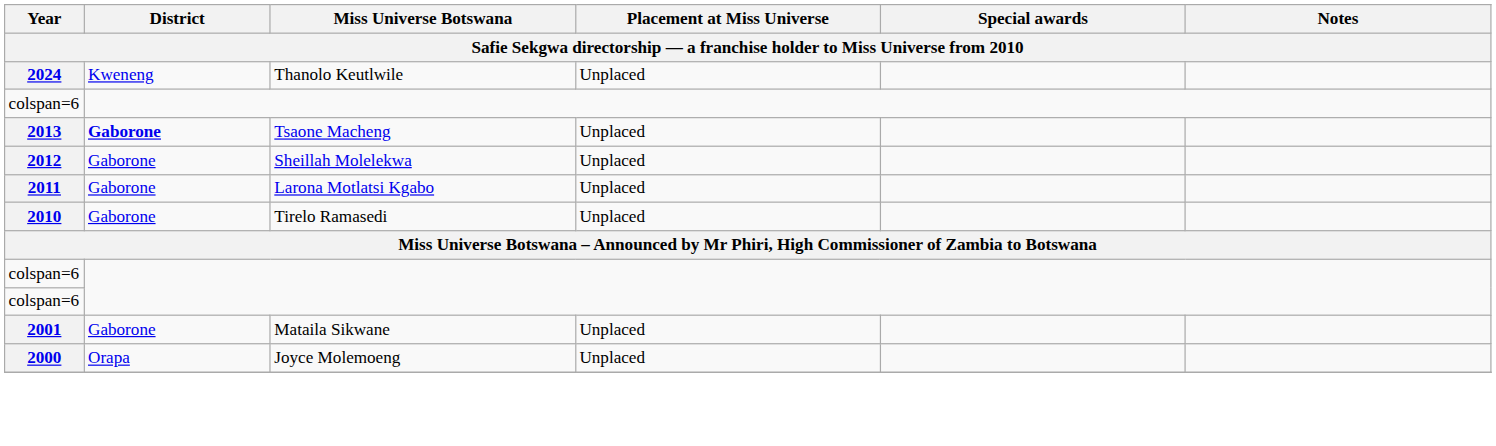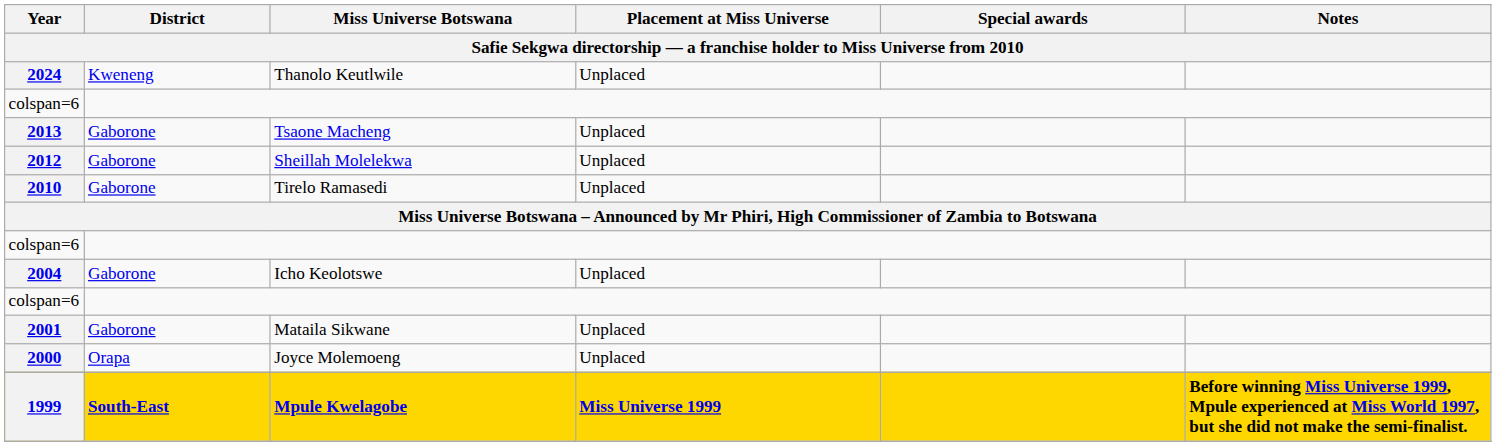 <table class="wikitable " style="font-size: 90%;">
 <tr>
 <th width="60">Year</th>
 <th width="150">District</th>
 <th width="250">Miss Universe Botswana</th>
 <th width="250">Placement at Miss Universe</th>
 <th width="250">Special awards</th>
 <th width="250">Notes</th>
 </tr>
 <tr>
 <th colspan="6">Safie Sekgwa directorship — a franchise holder to Miss Universe from 2010</th>
 </tr>
 <tr>
 <th><a href='#'>2024</a></th>
 <td><a href='#'>Kweneng</a></td>
 <td>Thanolo Keutlwile</td>
 <td>Unplaced</td>
 <td></td>
 <td></td>
 </tr>
 <tr>
 <td>colspan=6 </td>
 </tr>
 <tr>
 <th><a href='#'>2013</a></th>
-<td><strong><a href='#'>Gaborone</a></strong></td>
+<td><a href='#'>Gaborone</a></td>
 <td><a href='#'>Tsaone Macheng</a></td>
 <td>Unplaced</td>
 <td></td>
 <td></td>
 </tr>
 <tr>
 <th><a href='#'>2012</a></th>
 <td><a href='#'>Gaborone</a></td>
 <td><a href='#'>Sheillah Molelekwa</a></td>
-<td>Unplaced</td>
-<td></td>
-<td></td>
-</tr>
-<tr>
-<th><a href='#'>2011</a></th>
-<td><a href='#'>Gaborone</a></td>
-<td><a href='#'>Larona Motlatsi Kgabo</a></td>
 <td>Unplaced</td>
 <td></td>
 <td></td>
 </tr>
 <tr>
 <th><a href='#'>2010</a></th>
 <td><a href='#'>Gaborone</a></td>
 <td>Tirelo Ramasedi</td>
 <td>Unplaced</td>
 <td></td>
 <td></td>
 </tr>
 <tr>
 <th colspan="6">Miss Universe Botswana – Announced by Mr Phiri, High Commissioner of Zambia to Botswana</th>
 </tr>
 <tr>
 <td>colspan=6 </td>
+</tr>
+<tr>
+<th><a href='#'>2004</a></th>
+<td><a href='#'>Gaborone</a></td>
+<td>Icho Keolotswe</td>
+<td>Unplaced</td>
+<td></td>
+<td></td>
 </tr>
 <tr>
 <td>colspan=6 </td>
 </tr>
 <tr>
 <th><a href='#'>2001</a></th>
 <td><a href='#'>Gaborone</a></td>
 <td>Mataila Sikwane</td>
 <td>Unplaced</td>
 <td></td>
 <td></td>
 </tr>
 <tr>
 <th><a href='#'>2000</a></th>
 <td><a href='#'>Orapa</a></td>
 <td>Joyce Molemoeng</td>
 <td>Unplaced</td>
 <td></td>
 <td></td>
 </tr>
 <tr>
 </tr>
+<tr style="background-color:gold; font-weight: bold">
+<th><a href='#'>1999</a></th>
+<td><a href='#'>South-East</a></td>
+<td><a href='#'>Mpule Kwelagobe</a></td>
+<td><strong><a href='#'>Miss Universe 1999</a></strong></td>
+<td></td>
+<td>Before winning <strong><a href='#'>Miss Universe 1999</a></strong>, Mpule experienced at <a href='#'>Miss World 1997</a>, but she did not make the semi-finalist.</td>
+</tr>
 <tr>
 </tr>
 </table>
